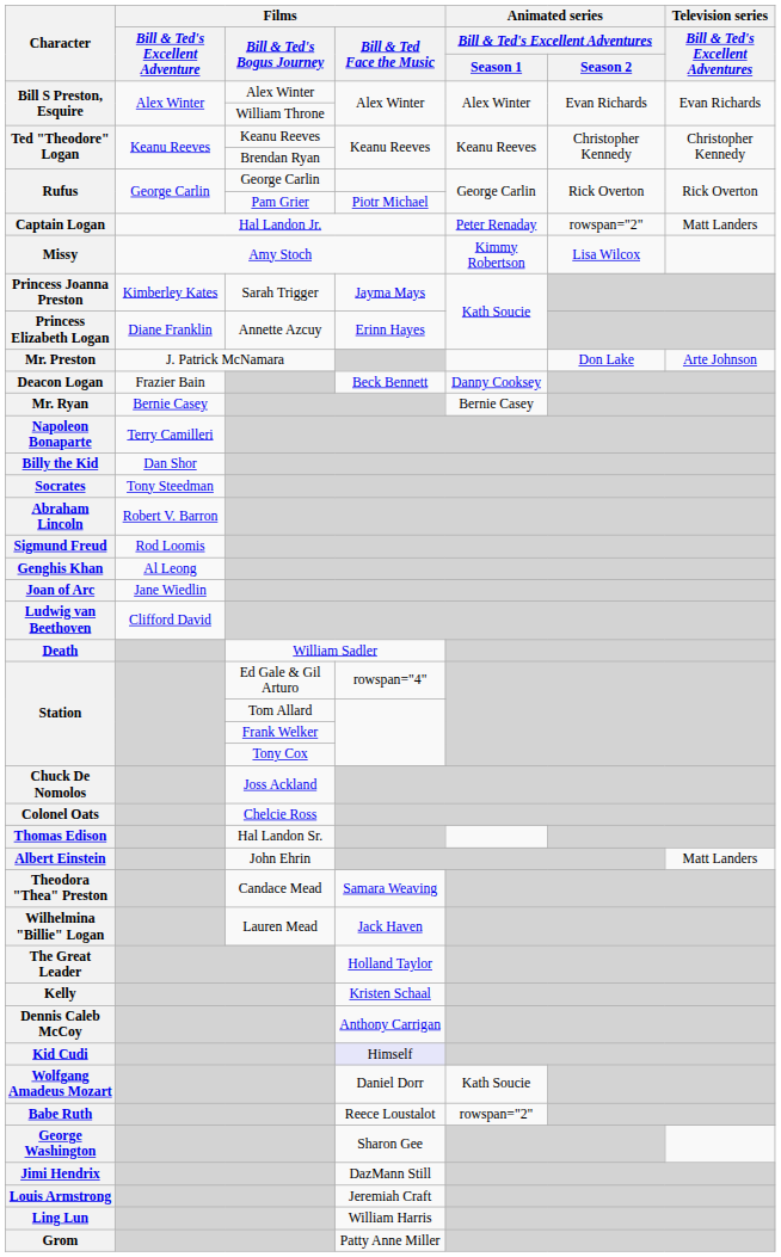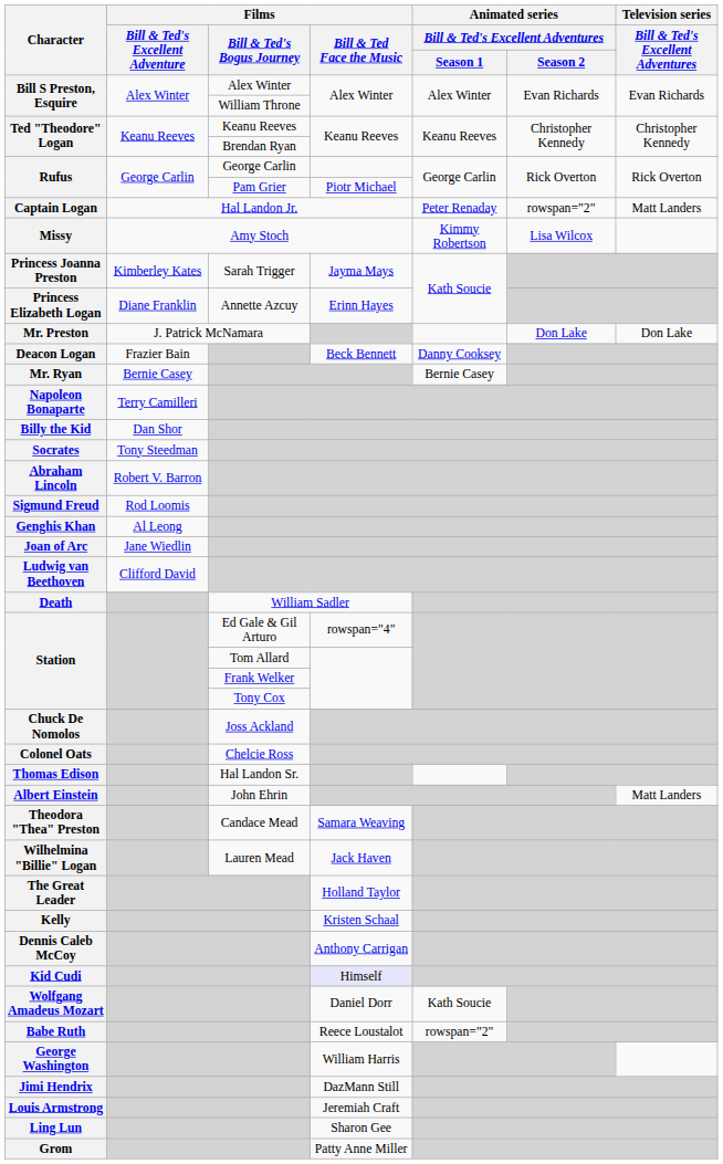 <table class="wikitable" style="text-align:center; width:100%">
 <tr>
 <th rowspan="3" style="width:14%;">Character</th>
 <th colspan="3" style="text-align:center;">Films</th>
 <th colspan="2" style="text-align:center;">Animated series</th>
 <th style="text-align:center;">Television series</th>
 </tr>
 <tr>
 <th rowspan="2" style="text-align:center; width:14%;"><em><a href='#'>Bill & Ted's<br>Excellent Adventure</a></em></th>
 <th rowspan="2" style="text-align:center; width:14%;"><em><a href='#'>Bill & Ted's<br>Bogus Journey</a></em></th>
 <th rowspan="2" style="text-align:center; width:14%;"><em><a href='#'>Bill & Ted<br>Face the Music</a></em></th>
 <th colspan="2" style="text-align:center; width:28%;"><em><a href='#'>Bill & Ted's Excellent Adventures</a></em></th>
 <th rowspan="2" style="text-align:center; width:14%;"><em><a href='#'>Bill & Ted's<br>Excellent Adventures</a></em></th>
 </tr>
 <tr>
 <th><a href='#'>Season 1</a></th>
 <th><a href='#'>Season 2</a></th>
 </tr>
 <tr>
 <th rowspan="2">Bill S Preston, Esquire</th>
 <td rowspan="2"><a href='#'>Alex Winter</a></td>
 <td>Alex Winter</td>
 <td rowspan="2">Alex Winter</td>
 <td rowspan="2">Alex Winter</td>
 <td rowspan="2">Evan Richards</td>
 <td rowspan="2">Evan Richards</td>
 </tr>
 <tr>
 <td>William Throne</td>
 </tr>
 <tr>
 <th rowspan="2">Ted "Theodore" Logan</th>
 <td rowspan="2"><a href='#'>Keanu Reeves</a></td>
 <td>Keanu Reeves</td>
 <td rowspan="2">Keanu Reeves</td>
 <td rowspan="2">Keanu Reeves</td>
 <td rowspan="2">Christopher Kennedy</td>
 <td rowspan="2">Christopher Kennedy</td>
 </tr>
 <tr>
 <td>Brendan Ryan</td>
 </tr>
 <tr>
 <th rowspan="2">Rufus</th>
 <td rowspan="2"><a href='#'>George Carlin</a></td>
 <td>George Carlin</td>
 <td></td>
 <td rowspan="2">George Carlin</td>
 <td rowspan="2">Rick Overton</td>
 <td rowspan="2">Rick Overton</td>
 </tr>
 <tr>
 <td><a href='#'>Pam Grier</a></td>
 <td><a href='#'>Piotr Michael</a></td>
 </tr>
 <tr>
 <th>Captain Logan</th>
 <td colspan="3"><a href='#'>Hal Landon Jr.</a></td>
 <td><a href='#'>Peter Renaday</a></td>
 <td>rowspan="2" </td>
 <td>Matt Landers</td>
 </tr>
 <tr>
 <th>Missy</th>
 <td colspan="3"><a href='#'>Amy Stoch</a></td>
 <td><a href='#'>Kimmy Robertson</a></td>
 <td><a href='#'>Lisa Wilcox</a></td>
 </tr>
 <tr>
 <th>Princess Joanna Preston</th>
 <td><a href='#'>Kimberley Kates</a></td>
 <td>Sarah Trigger</td>
 <td><a href='#'>Jayma Mays</a></td>
 <td rowspan="2"><a href='#'>Kath Soucie</a></td>
 <td colspan="2" style="background:#d3d3d3;"></td>
 </tr>
 <tr>
 <th>Princess Elizabeth Logan</th>
 <td><a href='#'>Diane Franklin</a></td>
 <td>Annette Azcuy</td>
 <td><a href='#'>Erinn Hayes</a></td>
 <td colspan="2" style="background:#d3d3d3;"></td>
 </tr>
 <tr>
 <th>Mr. Preston</th>
 <td colspan="2">J. Patrick McNamara</td>
 <td style="background:#d3d3d3;"></td>
 <td></td>
 <td><a href='#'>Don Lake</a></td>
-<td><a href='#'>Arte Johnson</a></td>
+<td>Don Lake</td>
 </tr>
 <tr>
 <th>Deacon Logan</th>
 <td>Frazier Bain</td>
 <td style="background:#d3d3d3;"></td>
 <td><a href='#'>Beck Bennett</a></td>
 <td><a href='#'>Danny Cooksey</a></td>
 <td colspan="2" style="background:#d3d3d3;"></td>
 </tr>
 <tr>
 <th>Mr. Ryan</th>
 <td><a href='#'>Bernie Casey</a></td>
 <td colspan="2" style="background:#d3d3d3;"></td>
 <td>Bernie Casey</td>
 <td colspan="2" style="background:#d3d3d3;"></td>
 </tr>
 <tr>
 <th><a href='#'>Napoleon Bonaparte</a></th>
 <td><a href='#'>Terry Camilleri</a></td>
 <td colspan="5" style="background:#d3d3d3;"></td>
 </tr>
 <tr>
 <th><a href='#'>Billy the Kid</a></th>
 <td><a href='#'>Dan Shor</a></td>
 <td colspan="5" style="background:#d3d3d3;"></td>
 </tr>
 <tr>
 <th><a href='#'>Socrates</a></th>
 <td><a href='#'>Tony Steedman</a></td>
 <td colspan="5" style="background:#d3d3d3;"></td>
 </tr>
 <tr>
 <th><a href='#'>Abraham Lincoln</a></th>
 <td><a href='#'>Robert V. Barron</a></td>
 <td colspan="5" style="background:#d3d3d3;"></td>
 </tr>
 <tr>
 <th><a href='#'>Sigmund Freud</a></th>
 <td><a href='#'>Rod Loomis</a></td>
 <td colspan="5" style="background:#d3d3d3;"></td>
 </tr>
 <tr>
 <th><a href='#'>Genghis Khan</a></th>
 <td><a href='#'>Al Leong</a></td>
 <td colspan="5" style="background:#d3d3d3;"></td>
 </tr>
 <tr>
 <th><a href='#'>Joan of Arc</a></th>
 <td><a href='#'>Jane Wiedlin</a></td>
 <td colspan="5" style="background:#d3d3d3;"></td>
 </tr>
 <tr>
 <th><a href='#'>Ludwig van Beethoven</a></th>
 <td><a href='#'>Clifford David</a></td>
 <td colspan="5" style="background:#d3d3d3;"></td>
 </tr>
 <tr>
 <th><a href='#'>Death<br></a></th>
 <td style="background:#d3d3d3;"></td>
 <td colspan="2"><a href='#'>William Sadler</a></td>
 <td colspan="3" style="background:#d3d3d3;"></td>
 </tr>
 <tr>
 <th rowspan="4">Station</th>
 <td rowspan="4" style="background:#d3d3d3;"></td>
 <td>Ed Gale & Gil Arturo</td>
 <td>rowspan="4" </td>
 <td rowspan="4" colspan="3" style="background:#d3d3d3;"></td>
 </tr>
 <tr>
 <td>Tom Allard</td>
 </tr>
 <tr>
 <td><a href='#'>Frank Welker</a></td>
 </tr>
 <tr>
 <td><a href='#'>Tony Cox</a></td>
 </tr>
 <tr>
 <th>Chuck De Nomolos</th>
 <td style="background:#d3d3d3;"></td>
 <td><a href='#'>Joss Ackland</a></td>
 <td colspan="4" style="background:#d3d3d3;"></td>
 </tr>
 <tr>
 <th>Colonel Oats</th>
 <td style="background:#d3d3d3;"></td>
 <td><a href='#'>Chelcie Ross</a></td>
 <td colspan="4" style="background:#d3d3d3;"></td>
 </tr>
 <tr>
 <th><a href='#'>Thomas Edison</a></th>
 <td style="background:#d3d3d3;"></td>
 <td>Hal Landon Sr.</td>
 <td style="background:#d3d3d3;"></td>
 <td></td>
 <td colspan="3" style="background:#d3d3d3;"></td>
 </tr>
 <tr>
 <th><a href='#'>Albert Einstein</a></th>
 <td style="background:#d3d3d3;"></td>
 <td>John Ehrin</td>
 <td colspan="3" style="background:#d3d3d3;"></td>
 <td>Matt Landers</td>
 </tr>
 <tr>
 <th>Theodora "Thea" Preston</th>
 <td style="background:#d3d3d3;"></td>
 <td>Candace Mead</td>
 <td><a href='#'>Samara Weaving</a></td>
 <td colspan="3" style="background:#d3d3d3;"></td>
 </tr>
 <tr>
 <th>Wilhelmina "Billie" Logan</th>
 <td style="background:#d3d3d3;"></td>
 <td>Lauren Mead</td>
 <td><a href='#'>Jack Haven</a></td>
 <td colspan="3" style="background:#d3d3d3;"></td>
 </tr>
 <tr>
 <th>The Great Leader</th>
 <td colspan="2" style="background:#d3d3d3;"></td>
 <td><a href='#'>Holland Taylor</a></td>
 <td colspan="3" style="background:#d3d3d3;"></td>
 </tr>
 <tr>
 <th>Kelly</th>
 <td colspan="2" style="background:#d3d3d3;"></td>
 <td><a href='#'>Kristen Schaal</a></td>
 <td colspan="3" style="background:#d3d3d3;"></td>
 </tr>
 <tr>
 <th>Dennis Caleb McCoy</th>
 <td colspan="2" style="background:#d3d3d3;"></td>
 <td><a href='#'>Anthony Carrigan</a></td>
 <td colspan="3" style="background:#d3d3d3;"></td>
 </tr>
 <tr>
 <th><a href='#'>Kid Cudi</a></th>
 <td colspan="2" style="background:#d3d3d3;"></td>
 <td style="background: lavender;">Himself</td>
 <td colspan="3" style="background:#d3d3d3;"></td>
 </tr>
 <tr>
 <th><a href='#'>Wolfgang Amadeus Mozart</a></th>
 <td colspan="2" style="background:#d3d3d3;"></td>
 <td>Daniel Dorr</td>
 <td>Kath Soucie</td>
 <td colspan="2" style="background:#d3d3d3;"></td>
 </tr>
 <tr>
 <th><a href='#'>Babe Ruth</a></th>
 <td colspan="2" style="background:#d3d3d3;"></td>
 <td>Reece Loustalot</td>
 <td>rowspan="2" </td>
 <td colspan="2" style="background:#d3d3d3;"></td>
 </tr>
 <tr>
 <th><a href='#'>George Washington</a></th>
 <td colspan="2" style="background:#d3d3d3;"></td>
-<td>Sharon Gee</td>
+<td>William Harris</td>
 <td colspan="2" style="background:#d3d3d3;"></td>
 </tr>
 <tr>
 <th><a href='#'>Jimi Hendrix</a></th>
 <td colspan="2" style="background:#d3d3d3;"></td>
 <td>DazMann Still</td>
 <td colspan="3" style="background:#d3d3d3;"></td>
 </tr>
 <tr>
 <th><a href='#'>Louis Armstrong</a></th>
 <td colspan="2" style="background:#d3d3d3;"></td>
 <td>Jeremiah Craft</td>
 <td colspan="3" style="background:#d3d3d3;"></td>
 </tr>
 <tr>
 <th><a href='#'>Ling Lun</a></th>
 <td colspan="2" style="background:#d3d3d3;"></td>
-<td>William Harris</td>
+<td>Sharon Gee</td>
 <td colspan="3" style="background:#d3d3d3;"></td>
 </tr>
 <tr>
 <th>Grom</th>
 <td colspan="2" style="background:#d3d3d3;"></td>
 <td>Patty Anne Miller</td>
 <td colspan="3" style="background:#d3d3d3;"></td>
 </tr>
 </table>
